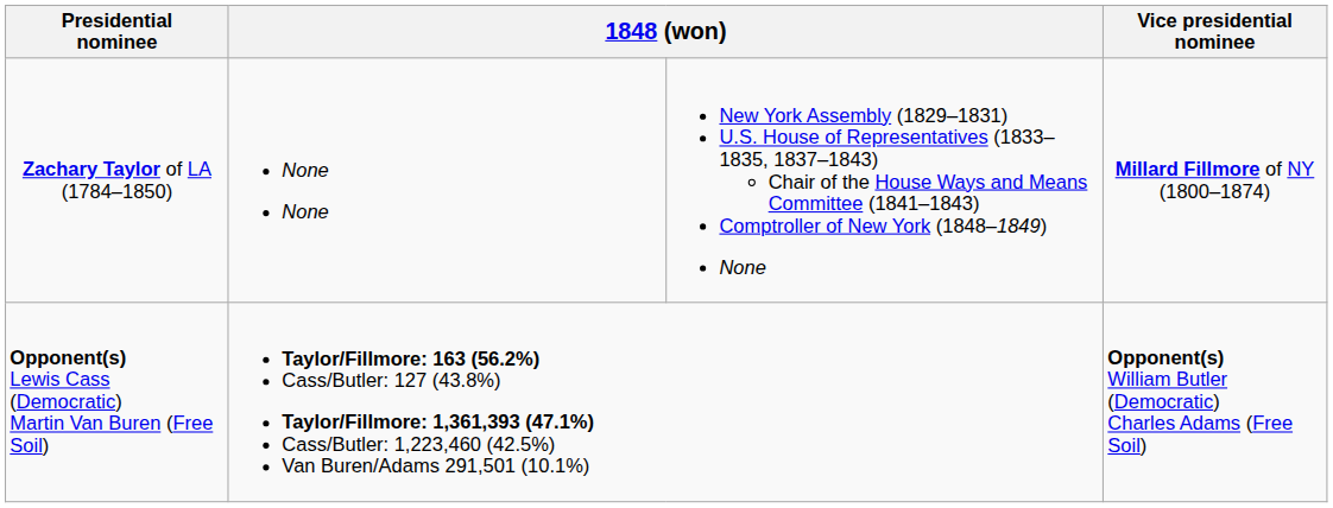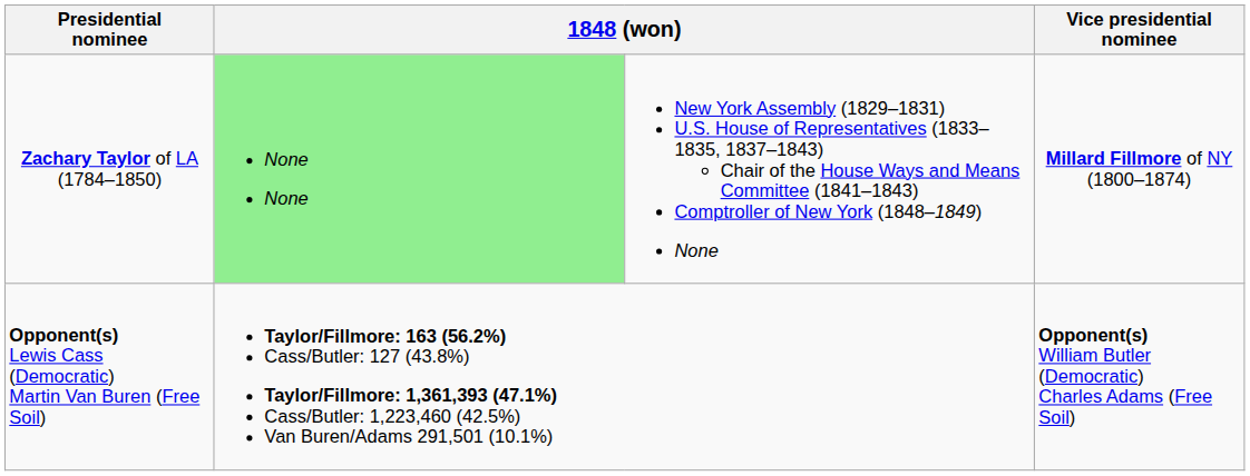 <table class="wikitable">
 <tr>
 <th width=175>Presidential<br>nominee</th>
 <th colspan=2><big><a href='#'>1848</a> (won)</big></th>
 <th width=175>Vice presidential<br>nominee</th>
 </tr>
 <tr>
 <td style="text-align:center;"><strong><a href='#'>Zachary Taylor</a></strong> of <a href='#'>LA</a><br>(1784–1850)<br></td>
-<td width=350><br><ul><li><em>None</em></li></ul><ul><li><em>None</em></li></ul></td>
+<td width=350 style="background: lightgreen;"><br><ul><li><em>None</em></li></ul><ul><li><em>None</em></li></ul></td>
 <td width=350><br><ul><li><a href='#'>New York Assembly</a> (1829–1831)</li><li><a href='#'>U.S. House of Representatives</a> (1833–1835, 1837–1843)<ul><li>Chair of the <a href='#'>House Ways and Means Committee</a> (1841–1843)</li></ul></li><li><a href='#'>Comptroller of New York</a> (1848–<em>1849</em>)</li></ul><ul><li><em>None</em></li></ul></td>
 <td style="text-align:center;"><strong><a href='#'>Millard Fillmore</a></strong> of <a href='#'>NY</a><br>(1800–1874)<br></td>
 </tr>
 <tr>
 <td><strong>Opponent(s)</strong><br><a href='#'>Lewis Cass</a> (<a href='#'>Democratic</a>)<br><a href='#'>Martin Van Buren</a> (<a href='#'>Free Soil</a>)</td>
 <td colspan=2><br><ul><li><strong>Taylor/Fillmore: 163 (56.2%)</strong></li><li>Cass/Butler: 127 (43.8%)</li></ul><ul><li><strong>Taylor/Fillmore: 1,361,393 (47.1%)</strong></li><li>Cass/Butler: 1,223,460 (42.5%)</li><li>Van Buren/Adams 291,501 (10.1%)</li></ul></td>
 <td><strong>Opponent(s)</strong><br><a href='#'>William Butler</a> (<a href='#'>Democratic</a>)<br><a href='#'>Charles Adams</a> (<a href='#'>Free Soil</a>)</td>
 </tr>
 </table>
